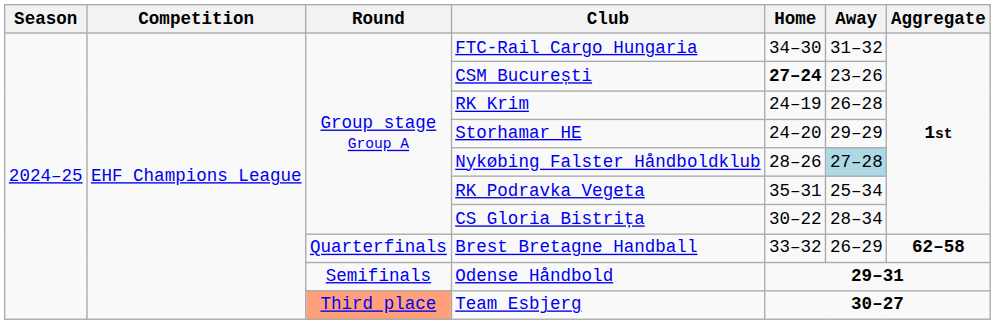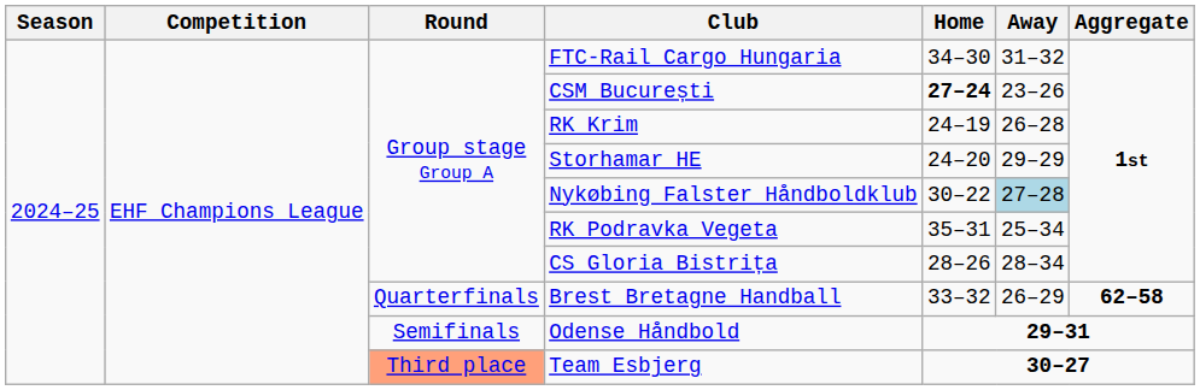 <table class="wikitable">
 <tr>
 <th>Season</th>
 <th>Competition</th>
 <th>Round</th>
 <th>Club</th>
 <th>Home</th>
 <th>Away</th>
 <th>Aggregate</th>
 </tr>
 <tr>
 <td rowspan=10><a href='#'>2024–25</a></td>
 <td rowspan=10><a href='#'>EHF Champions League</a></td>
 <td rowspan=7 style="text-align:center;"><a href='#'>Group stage<br><small>Group A</small></a></td>
 <td> <a href='#'>FTC-Rail Cargo Hungaria</a></td>
 <td style="text-align:center;">34–30</td>
 <td style="text-align:center;">31–32</td>
 <td align=center rowspan=7><strong>1<small>st</small></strong></td>
 </tr>
 <tr>
 <td> <a href='#'>CSM București</a></td>
 <td style="text-align:center;"><strong>27–24</strong></td>
 <td style="text-align:center;">23–26</td>
 </tr>
 <tr>
 <td> <a href='#'>RK Krim</a></td>
 <td style="text-align:center;">24–19</td>
 <td style="text-align:center;">26–28</td>
 </tr>
 <tr>
 <td> <a href='#'>Storhamar HE</a></td>
 <td style="text-align:center;">24–20</td>
 <td style="text-align:center;">29–29</td>
 </tr>
 <tr>
 <td> <a href='#'>Nykøbing Falster Håndboldklub</a></td>
-<td style="text-align:center;">28–26</td>
+<td style="text-align:center;">30–22</td>
 <td style="background: lightblue; text-align:center;">27–28</td>
 </tr>
 <tr>
 <td> <a href='#'>RK Podravka Vegeta</a></td>
 <td style="text-align:center;">35–31</td>
 <td style="text-align:center;">25–34</td>
 </tr>
 <tr>
 <td> <a href='#'>CS Gloria Bistrița</a></td>
-<td style="text-align:center;">30–22</td>
+<td style="text-align:center;">28–26</td>
 <td style="text-align:center;">28–34</td>
 </tr>
 <tr>
 <td style="text-align:center;"><a href='#'>Quarterfinals</a></td>
 <td> <a href='#'>Brest Bretagne Handball</a></td>
 <td style="text-align:center;">33–32</td>
 <td style="text-align:center;">26–29</td>
 <td style="text-align:center;"><strong>62–58</strong></td>
 </tr>
 <tr>
 <td style="text-align:center;"><a href='#'>Semifinals</a></td>
 <td> <a href='#'>Odense Håndbold</a></td>
 <td colspan=3 style="text-align:center;"><strong>29–31</strong></td>
 </tr>
 <tr>
 <td style="background: lightsalmon; text-align:center;"><a href='#'>Third place</a></td>
 <td> <a href='#'>Team Esbjerg</a></td>
 <td colspan=3 style="text-align:center;"><strong>30–27</strong></td>
 </tr>
 </table>
